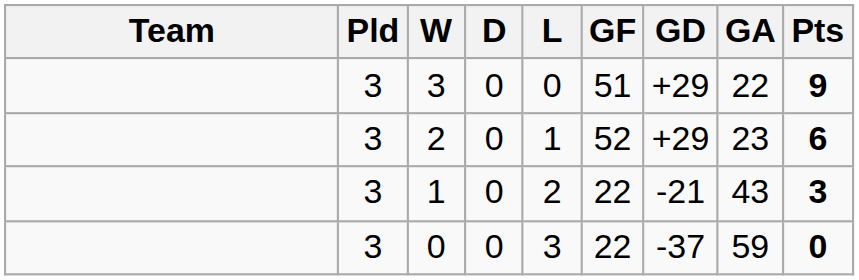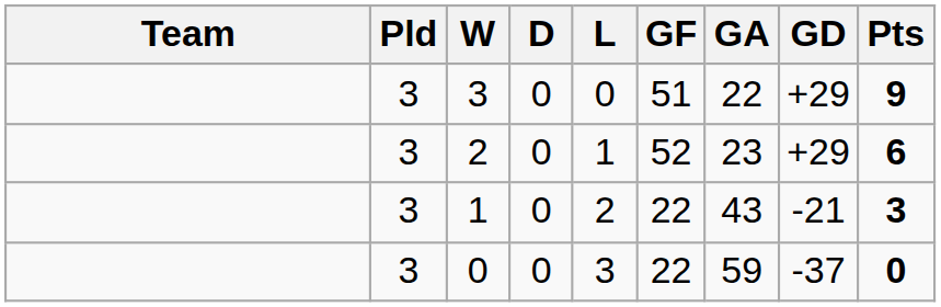 <table class="wikitable" style="text-align:center;">
 <tr>
 <th width=150>Team</th>
 <th width=20>Pld</th>
 <th width=20>W</th>
 <th width=20>D</th>
 <th width=20>L</th>
 <th width=20>GF</th>
+<th width=20>GA</th>
 <th width=20>GD</th>
-<th width=20>GA</th>
 <th width=20>Pts</th>
 </tr>
 <tr>
 <td align="left"></td>
 <td>3</td>
 <td>3</td>
 <td>0</td>
 <td>0</td>
 <td>51</td>
+<td>22</td>
 <td>+29</td>
-<td>22</td>
 <td><strong>9</strong></td>
 </tr>
 <tr>
 <td align="left"></td>
 <td>3</td>
 <td>2</td>
 <td>0</td>
 <td>1</td>
 <td>52</td>
+<td>23</td>
 <td>+29</td>
-<td>23</td>
 <td><strong>6</strong></td>
 </tr>
 <tr>
 <td align="left"></td>
 <td>3</td>
 <td>1</td>
 <td>0</td>
 <td>2</td>
 <td>22</td>
+<td>43</td>
 <td>-21</td>
-<td>43</td>
 <td><strong>3</strong></td>
 </tr>
 <tr>
 <td align="left"></td>
 <td>3</td>
 <td>0</td>
 <td>0</td>
 <td>3</td>
 <td>22</td>
+<td>59</td>
 <td>-37</td>
-<td>59</td>
 <td><strong>0</strong></td>
 </tr>
 </table>
